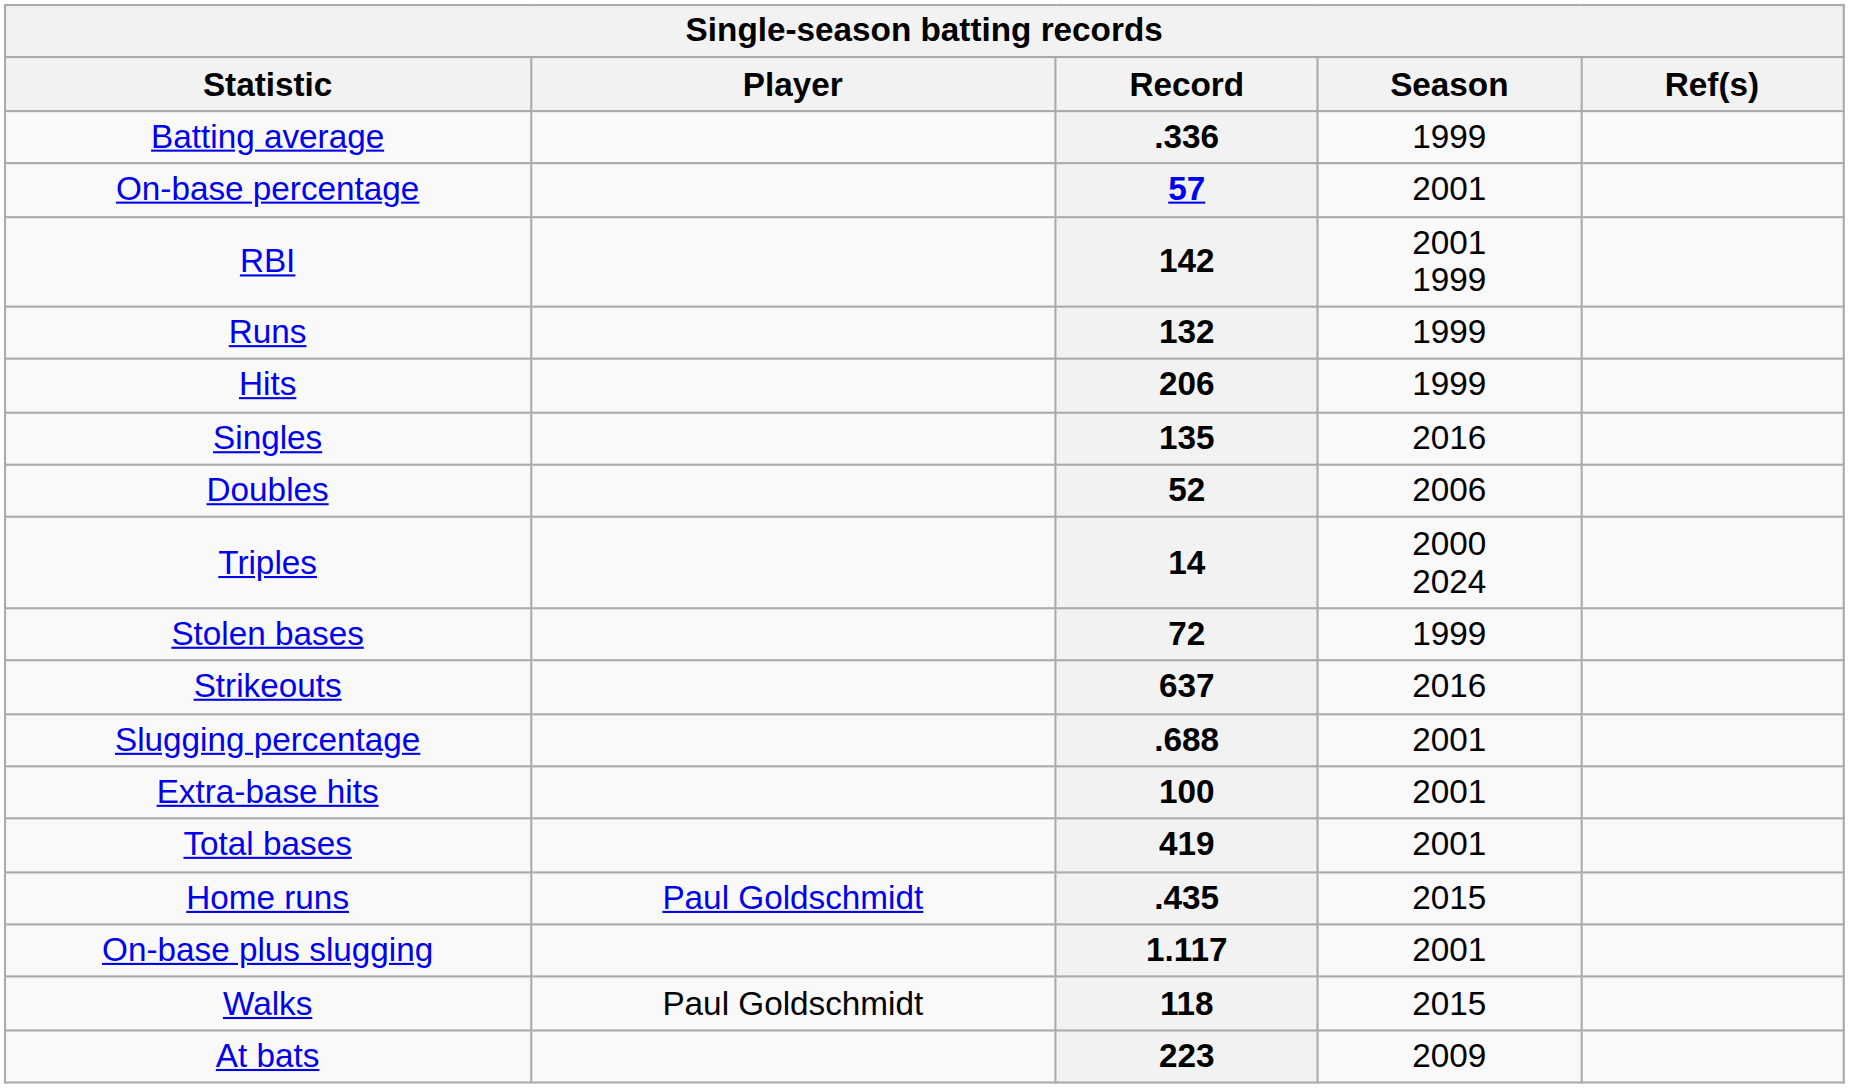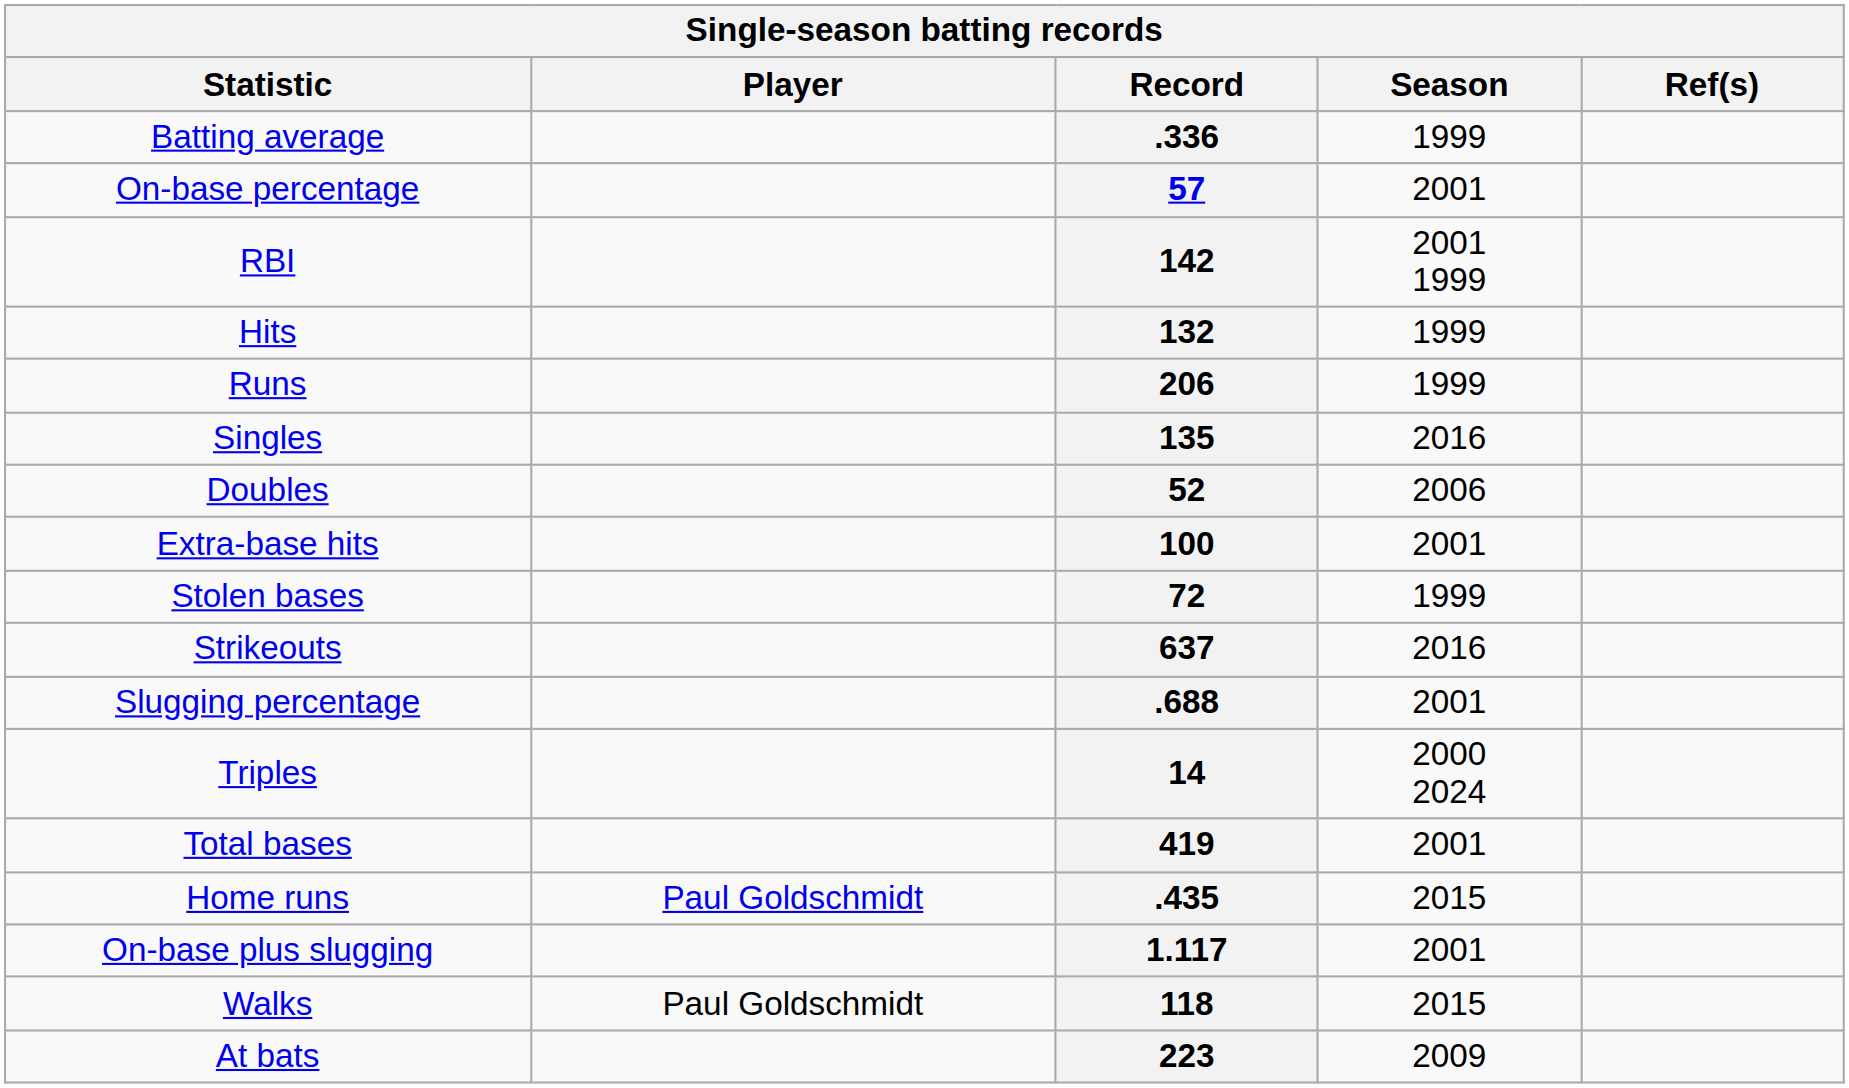 <table class="wikitable" style="text-align:center" width="70%">
 <tr>
 <th colspan=5>Single-season batting records</th>
 </tr>
 <tr>
 <th scope="col" width=20%>Statistic</th>
 <th scope="col" width=20%>Player</th>
 <th scope="col" width=10% class="unsortable">Record</th>
 <th scope="col" width=10%>Season</th>
 <th scope="col" width=10% class="unsortable">Ref(s)</th>
 </tr>
 <tr>
 <td><a href='#'>Batting average</a></td>
 <td></td>
 <th scope="row">.336</th>
 <td>1999</td>
 <td></td>
 </tr>
 <tr>
 <td><a href='#'>On-base percentage</a></td>
 <td></td>
 <th scope="row"><a href='#'>57</a></th>
 <td>2001</td>
 <td></td>
 </tr>
 <tr>
 <td><a href='#'>RBI</a></td>
 <td></td>
 <th scope="row">142</th>
 <td>2001<br>1999</td>
 <td></td>
 </tr>
 <tr>
-<td><a href='#'>Runs</a></td>
+<td><a href='#'>Hits</a></td>
 <td></td>
 <th scope="row">132</th>
 <td>1999</td>
 <td></td>
 </tr>
 <tr>
-<td><a href='#'>Hits</a></td>
+<td><a href='#'>Runs</a></td>
 <td></td>
 <th scope="row">206</th>
 <td>1999</td>
 <td></td>
 </tr>
 <tr>
 <td><a href='#'>Singles</a></td>
 <td></td>
 <th scope="row">135</th>
 <td>2016</td>
 <td></td>
 </tr>
 <tr>
 <td><a href='#'>Doubles</a></td>
 <td></td>
 <th scope="row">52</th>
 <td>2006</td>
 <td></td>
 </tr>
 <tr>
-<td><a href='#'>Triples</a></td>
+<td><a href='#'>Extra-base hits</a></td>
 <td></td>
-<th scope="row">14</th>
-<td>2000<br>2024</td>
+<th scope="row">100</th>
+<td>2001</td>
 <td></td>
 </tr>
 <tr>
 <td><a href='#'>Stolen bases</a></td>
 <td></td>
 <th scope="row">72</th>
 <td>1999</td>
 <td></td>
 </tr>
 <tr>
 <td><a href='#'>Strikeouts</a></td>
 <td></td>
 <th scope="row">637</th>
 <td>2016</td>
 <td></td>
 </tr>
 <tr>
 <td><a href='#'>Slugging percentage</a></td>
 <td></td>
 <th scope="row">.688</th>
 <td>2001</td>
 <td></td>
 </tr>
 <tr>
-<td><a href='#'>Extra-base hits</a></td>
+<td><a href='#'>Triples</a></td>
 <td></td>
-<th scope="row">100</th>
-<td>2001</td>
+<th scope="row">14</th>
+<td>2000<br>2024</td>
 <td></td>
 </tr>
 <tr>
 <td><a href='#'>Total bases</a></td>
 <td></td>
 <th scope="row">419</th>
 <td>2001</td>
 <td></td>
 </tr>
 <tr>
 <td><a href='#'>Home runs</a></td>
 <td><a href='#'>Paul Goldschmidt</a></td>
 <th scope="row">.435</th>
 <td>2015</td>
 <td></td>
 </tr>
 <tr>
 <td><a href='#'>On-base plus slugging</a></td>
 <td></td>
 <th scope="row">1.117</th>
 <td>2001</td>
 <td></td>
 </tr>
 <tr>
 <td><a href='#'>Walks</a></td>
 <td>Paul Goldschmidt</td>
 <th scope="row">118</th>
 <td>2015</td>
 <td></td>
 </tr>
 <tr>
 <td><a href='#'>At bats</a></td>
 <td></td>
 <th scope="row">223</th>
 <td>2009</td>
 <td></td>
 </tr>
 </table>
